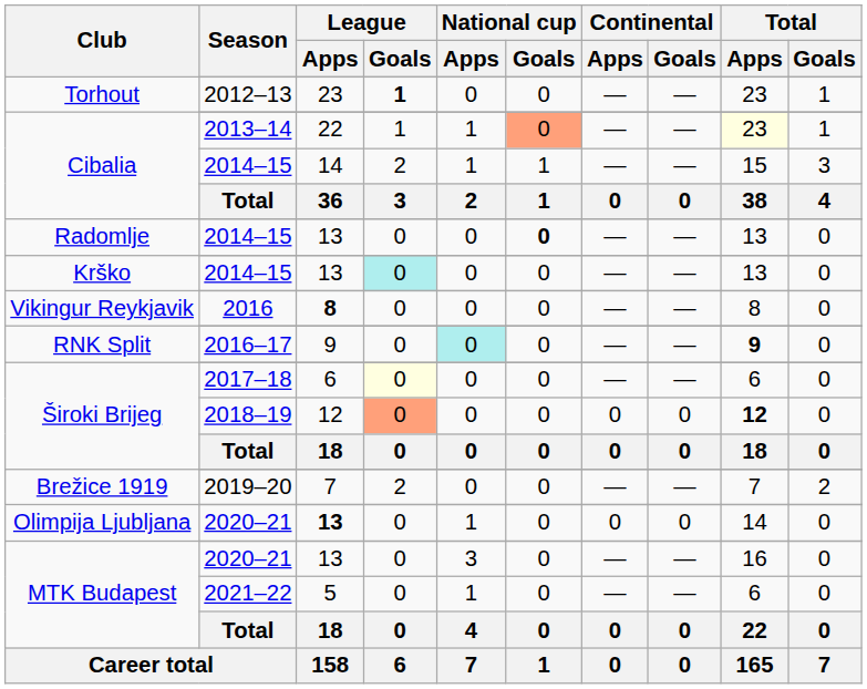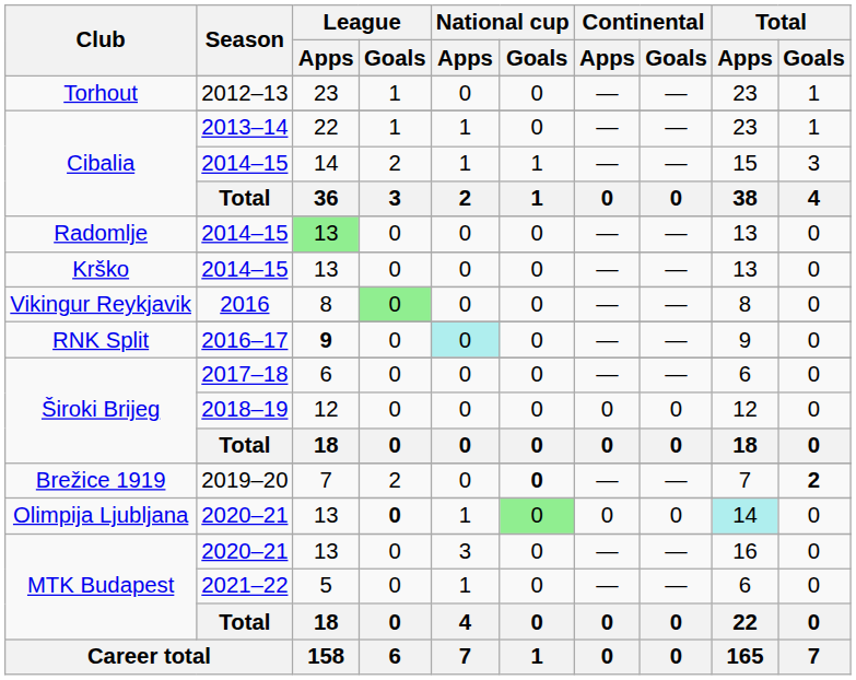 <table class="wikitable" style="text-align:center">
 <tr>
 <th rowspan="2">Club</th>
 <th rowspan="2">Season</th>
 <th colspan="2">League</th>
 <th colspan="2">National cup</th>
 <th colspan="2">Continental</th>
 <th colspan="2">Total</th>
 </tr>
 <tr>
 <th>Apps</th>
 <th>Goals</th>
 <th>Apps</th>
 <th>Goals</th>
 <th>Apps</th>
 <th>Goals</th>
 <th>Apps</th>
 <th>Goals</th>
 </tr>
 <tr ||-||-||-|->
 <td rowspan="2" valign="center"><a href='#'>Torhout</a></td>
 </tr>
 <tr>
 <td>2012–13</td>
 <td>23</td>
-<td><strong>1</strong></td>
+<td>1</td>
 <td>0</td>
 <td>0</td>
 <td>—</td>
 <td>—</td>
 <td>23</td>
 <td>1</td>
 </tr>
 <tr>
 <td rowspan="4" valign="center"><a href='#'>Cibalia</a></td>
 </tr>
 <tr>
 <td><a href='#'>2013–14</a></td>
 <td>22</td>
 <td>1</td>
 <td>1</td>
-<td style="background: lightsalmon;">0</td>
+<td>0</td>
 <td>—</td>
 <td>—</td>
-<td style="background: lightyellow;">23</td>
+<td>23</td>
 <td>1</td>
 </tr>
 <tr>
 <td><a href='#'>2014–15</a></td>
 <td>14</td>
 <td>2</td>
 <td>1</td>
 <td>1</td>
 <td>—</td>
 <td>—</td>
 <td>15</td>
 <td>3</td>
 </tr>
 <tr>
 <th>Total</th>
 <th>36</th>
 <th>3</th>
 <th>2</th>
 <th>1</th>
 <th>0</th>
 <th>0</th>
 <th>38</th>
 <th>4</th>
 </tr>
 <tr>
 <td rowspan="2" valign="center"><a href='#'>Radomlje</a></td>
 </tr>
 <tr>
 <td><a href='#'>2014–15</a></td>
-<td>13</td>
+<td style="background: lightgreen;">13</td>
 <td>0</td>
 <td>0</td>
-<td><strong>0</strong></td>
+<td>0</td>
 <td>—</td>
 <td>—</td>
 <td>13</td>
 <td>0</td>
 </tr>
 <tr>
 <td rowspan="2" valign="center"><a href='#'>Krško</a></td>
 </tr>
 <tr>
 <td><a href='#'>2014–15</a></td>
 <td>13</td>
-<td style="background: paleturquoise;">0</td>
+<td>0</td>
 <td>0</td>
 <td>0</td>
 <td>—</td>
 <td>—</td>
 <td>13</td>
 <td>0</td>
 </tr>
 <tr>
 <td rowspan="2" valign="center"><a href='#'>Vikingur Reykjavik</a></td>
 </tr>
 <tr>
 <td><a href='#'>2016</a></td>
-<td><strong>8</strong></td>
-<td>0</td>
+<td>8</td>
+<td style="background: lightgreen;">0</td>
 <td>0</td>
 <td>0</td>
 <td>—</td>
 <td>—</td>
 <td>8</td>
 <td>0</td>
 </tr>
 <tr>
 <td rowspan="2" valign="center"><a href='#'>RNK Split</a></td>
 </tr>
 <tr>
 <td><a href='#'>2016–17</a></td>
-<td>9</td>
+<td><strong>9</strong></td>
 <td>0</td>
 <td style="background: paleturquoise;">0</td>
 <td>0</td>
 <td>—</td>
 <td>—</td>
-<td><strong>9</strong></td>
+<td>9</td>
 <td>0</td>
 </tr>
 <tr>
 <td rowspan="4" valign="center"><a href='#'>Široki Brijeg</a></td>
 </tr>
 <tr>
 <td><a href='#'>2017–18</a></td>
 <td>6</td>
-<td style="background: lightyellow;">0</td>
+<td>0</td>
 <td>0</td>
 <td>0</td>
 <td>—</td>
 <td>—</td>
 <td>6</td>
 <td>0</td>
 </tr>
 <tr>
 <td><a href='#'>2018–19</a></td>
 <td>12</td>
-<td style="background: lightsalmon;">0</td>
 <td>0</td>
 <td>0</td>
 <td>0</td>
 <td>0</td>
-<td><strong>12</strong></td>
+<td>0</td>
+<td>12</td>
 <td>0</td>
 </tr>
 <tr>
 <th>Total</th>
 <th>18</th>
 <th>0</th>
 <th>0</th>
 <th>0</th>
 <th>0</th>
 <th>0</th>
 <th>18</th>
 <th>0</th>
 </tr>
 <tr>
 <td rowspan="2" valign="center"><a href='#'>Brežice 1919</a></td>
 </tr>
 <tr>
 <td>2019–20</td>
 <td>7</td>
 <td>2</td>
 <td>0</td>
-<td>0</td>
+<td><strong>0</strong></td>
 <td>—</td>
 <td>—</td>
 <td>7</td>
-<td>2</td>
+<td><strong>2</strong></td>
 </tr>
 <tr>
 <td rowspan="2" valign="center"><a href='#'>Olimpija Ljubljana</a></td>
 </tr>
 <tr>
 <td><a href='#'>2020–21</a></td>
-<td><strong>13</strong></td>
-<td>0</td>
+<td>13</td>
+<td><strong>0</strong></td>
 <td>1</td>
+<td style="background: lightgreen;">0</td>
 <td>0</td>
 <td>0</td>
-<td>0</td>
-<td>14</td>
+<td style="background: paleturquoise;">14</td>
 <td>0</td>
 </tr>
 <tr>
 <td rowspan="4" valign="center"><a href='#'>MTK Budapest</a></td>
 </tr>
 <tr>
 <td><a href='#'>2020–21</a></td>
 <td>13</td>
 <td>0</td>
 <td>3</td>
 <td>0</td>
 <td>—</td>
 <td>—</td>
 <td>16</td>
 <td>0</td>
 </tr>
 <tr>
 <td><a href='#'>2021–22</a></td>
 <td>5</td>
 <td>0</td>
 <td>1</td>
 <td>0</td>
 <td>—</td>
 <td>—</td>
 <td>6</td>
 <td>0</td>
 </tr>
 <tr>
 <th>Total</th>
 <th>18</th>
 <th>0</th>
 <th>4</th>
 <th>0</th>
 <th>0</th>
 <th>0</th>
 <th>22</th>
 <th>0</th>
 </tr>
 <tr>
 <th colspan="2">Career total</th>
 <th>158</th>
 <th>6</th>
 <th>7</th>
 <th>1</th>
 <th>0</th>
 <th>0</th>
 <th>165</th>
 <th>7</th>
 </tr>
 </table>
